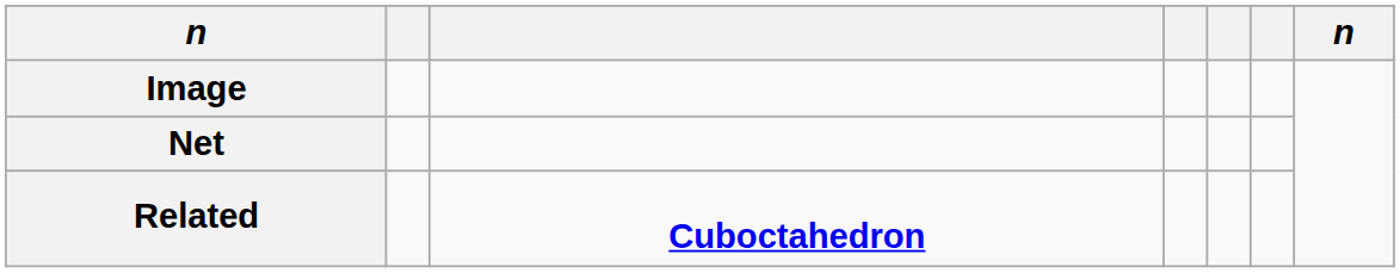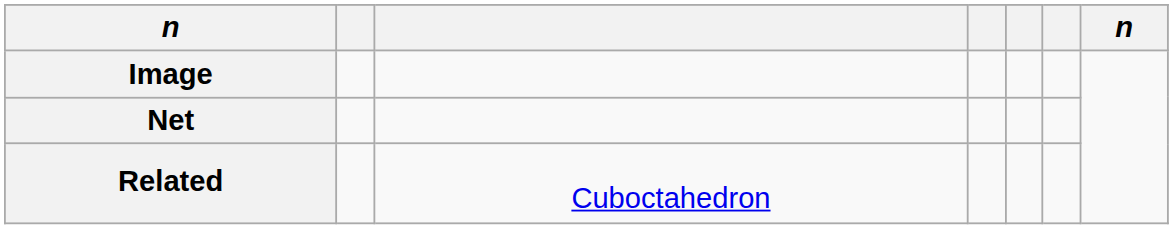 <table class=wikitable width=640>
 <tr>
 <th><em>n</em></th>
 <th></th>
 <th></th>
 <th></th>
 <th></th>
 <th></th>
 <th><em>n</em></th>
 </tr>
 <tr align=center>
 <th>Image</th>
 <td></td>
 <td></td>
 <td></td>
 <td></td>
 <td></td>
 </tr>
 <tr align=center>
 <th>Net</th>
 <td></td>
 <td></td>
 <td></td>
 <td></td>
 <td></td>
 </tr>
 <tr align=center>
 <th>Related</th>
 <td></td>
-<td><strong><br><a href='#'>Cuboctahedron</a></strong></td>
+<td><br><a href='#'>Cuboctahedron</a></td>
 <td></td>
 <td></td>
 <td></td>
 </tr>
 </table>
